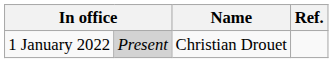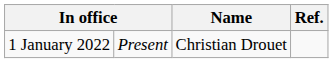 <table class="wikitable">
 <tr>
 <th colspan="2">In office</th>
 <th>Name</th>
 <th>Ref.</th>
 </tr>
 <tr>
 <td>1 January 2022</td>
-<td style="background: lightgrey;"><em>Present</em></td>
+<td><em>Present</em></td>
 <td>Christian Drouet</td>
 <td></td>
 </tr>
 </table>
